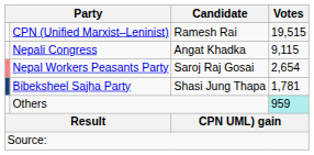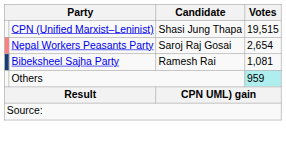 <table class="wikitable">
 <tr>
 <th colspan="2">Party</th>
 <th>Candidate</th>
 <th>Votes</th>
 </tr>
 <tr>
 <td style="background-color:"></td>
 <td><a href='#'>CPN (Unified Marxist–Leninist)</a></td>
-<td>Ramesh Rai</td>
+<td>Shasi Jung Thapa</td>
 <td>19,515</td>
-</tr>
-<tr>
-<td style="background-color:"></td>
-<td><a href='#'>Nepali Congress</a></td>
-<td>Angat Khadka</td>
-<td>9,115</td>
 </tr>
 <tr>
 <td style="background-color:#FF8080"></td>
 <td><a href='#'>Nepal Workers Peasants Party</a></td>
 <td>Saroj Raj Gosai</td>
 <td>2,654</td>
 </tr>
 <tr>
 <td style="background-color:#183F73"></td>
 <td><a href='#'>Bibeksheel Sajha Party</a></td>
-<td>Shasi Jung Thapa</td>
-<td>1,781</td>
+<td>Ramesh Rai</td>
+<td>1,081</td>
 </tr>
 <tr>
 <td></td>
 <td colspan="2">Others</td>
 <td style="background: paleturquoise;">959</td>
 </tr>
 <tr>
 <th colspan="2">Result</th>
 <th colspan="2">CPN UML) gain</th>
 </tr>
 <tr>
 <td colspan="4">Source: </td>
 </tr>
 </table>
